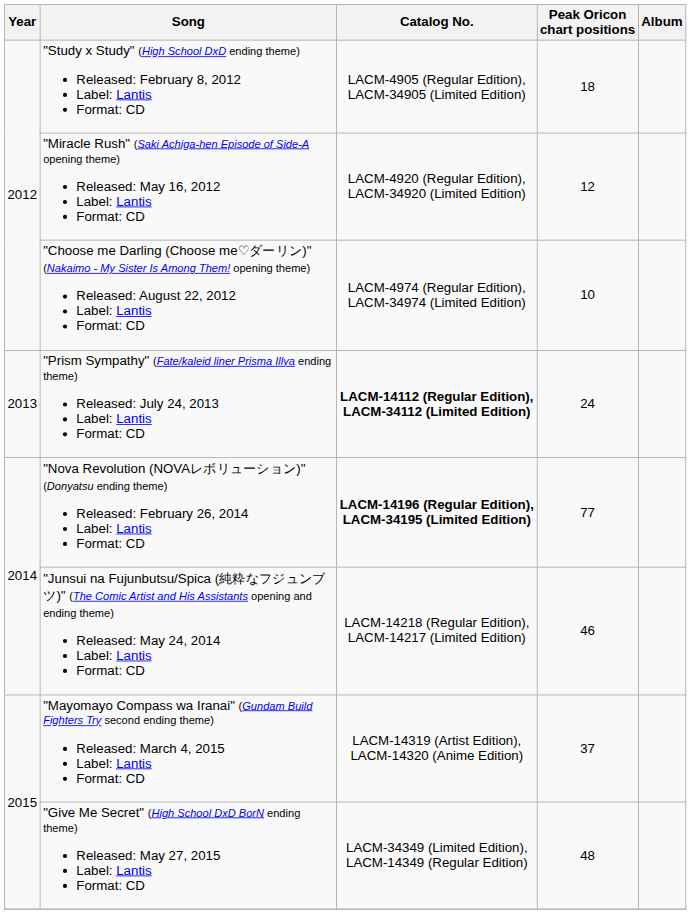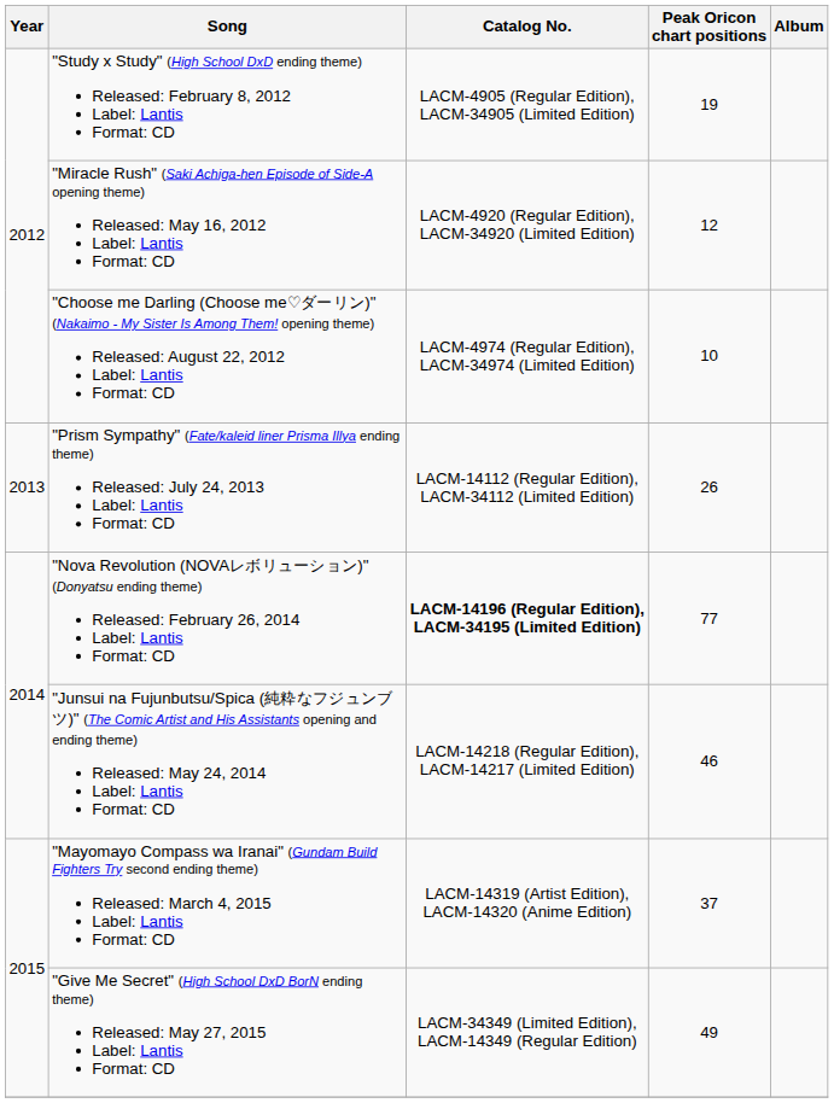 <table class="wikitable" border="1">
 <tr>
 <th rowspan="1">Year</th>
 <th rowspan="1" width="350">Song</th>
 <th rowspan="1">Catalog No.</th>
 <th colspan="1">Peak Oricon<br> chart positions</th>
 <th rowspan="1">Album</th>
 </tr>
 <tr>
 <td rowspan="3">2012</td>
 <td align="left">"Study x Study" <small>(<em><a href='#'>High School DxD</a></em> ending theme)</small><br><ul><li>Released: February 8, 2012</li><li>Label: <a href='#'>Lantis</a></li><li>Format: CD</li></ul></td>
 <td align="center">LACM-4905 (Regular Edition),<br> LACM-34905 (Limited Edition)</td>
-<td align="center">18</td>
+<td align="center">19</td>
 <td></td>
 </tr>
 <tr>
 <td align="left">"Miracle Rush" <small>(<em><a href='#'>Saki Achiga-hen Episode of Side-A</a></em> opening theme)</small><br><ul><li>Released: May 16, 2012</li><li>Label: <a href='#'>Lantis</a></li><li>Format: CD</li></ul></td>
 <td align="center">LACM-4920 (Regular Edition),<br> LACM-34920 (Limited Edition)</td>
 <td align="center">12</td>
 <td></td>
 </tr>
 <tr>
 <td align="left">"Choose me Darling (Choose me♡ダーリン)" <small>(<em><a href='#'>Nakaimo - My Sister Is Among Them!</a></em> opening theme)</small><br><ul><li>Released: August 22, 2012</li><li>Label: <a href='#'>Lantis</a></li><li>Format: CD</li></ul></td>
 <td align="center">LACM-4974 (Regular Edition),<br> LACM-34974 (Limited Edition)</td>
 <td align="center">10</td>
 <td></td>
 </tr>
 <tr>
 <td>2013</td>
 <td align="left">"Prism Sympathy" <small>(<em><a href='#'>Fate/kaleid liner Prisma Illya</a></em> ending theme)</small><br><ul><li>Released: July 24, 2013</li><li>Label: <a href='#'>Lantis</a></li><li>Format: CD</li></ul></td>
-<td align="center"><strong>LACM-14112 (Regular Edition),<br> LACM-34112 (Limited Edition)</strong></td>
-<td align="center">24</td>
+<td align="center">LACM-14112 (Regular Edition),<br> LACM-34112 (Limited Edition)</td>
+<td align="center">26</td>
 <td></td>
 </tr>
 <tr>
 <td rowspan="2">2014</td>
 <td align="left">"Nova Revolution (NOVAレボリューション)" <small>(<em>Donyatsu</em> ending theme)</small><br><ul><li>Released: February 26, 2014</li><li>Label: <a href='#'>Lantis</a></li><li>Format: CD</li></ul></td>
 <td align="center"><strong>LACM-14196 (Regular Edition),<br> LACM-34195 (Limited Edition)</strong></td>
 <td align="center">77</td>
 <td></td>
 </tr>
 <tr>
 <td align="left">"Junsui na Fujunbutsu/Spica (純粋なフジュンブツ)" <small>(<em><a href='#'>The Comic Artist and His Assistants</a></em> opening and ending theme)</small><br><ul><li>Released: May 24, 2014</li><li>Label: <a href='#'>Lantis</a></li><li>Format: CD</li></ul></td>
 <td align="center">LACM-14218 (Regular Edition),<br> LACM-14217 (Limited Edition)</td>
 <td align="center">46</td>
 <td></td>
 </tr>
 <tr>
 <td rowspan="2">2015</td>
 <td align="left">"Mayomayo Compass wa Iranai" <small>(<em><a href='#'>Gundam Build Fighters Try</a></em> second ending theme)</small><br><ul><li>Released: March 4, 2015</li><li>Label: <a href='#'>Lantis</a></li><li>Format: CD</li></ul></td>
 <td align="center">LACM-14319 (Artist Edition),<br> LACM-14320 (Anime Edition)</td>
 <td align="center">37</td>
 <td></td>
 </tr>
 <tr>
 <td align="left">"Give Me Secret" <small>(<em><a href='#'>High School DxD BorN</a></em> ending theme)</small><br><ul><li>Released: May 27, 2015</li><li>Label: <a href='#'>Lantis</a></li><li>Format: CD</li></ul></td>
 <td align="center">LACM-34349 (Limited Edition),<br> LACM-14349 (Regular Edition)</td>
-<td align="center">48</td>
+<td align="center">49</td>
 <td></td>
 </tr>
 <tr>
 </tr>
 </table>
